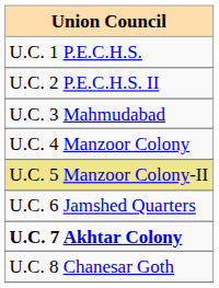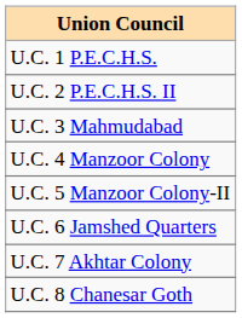 <table class="sortable wikitable" align="left" style="font-size:90%">
 <tr>
 <th style="background:#ffdead;"><strong>Union Council</strong></th>
 </tr>
 <tr>
 <td style="border-bottom:1px solid grey;">U.C. 1 <a href='#'>P.E.C.H.S.</a> </td>
 </tr>
 <tr>
 <td style="border-bottom:1px solid grey;">U.C. 2 <a href='#'>P.E.C.H.S. II</a></td>
 </tr>
 <tr>
 <td style="border-bottom:1px solid grey;">U.C. 3 <a href='#'>Mahmudabad</a></td>
 </tr>
 <tr>
 <td style="border-bottom:1px solid grey;">U.C. 4 <a href='#'>Manzoor Colony</a></td>
 </tr>
 <tr>
-<td style="background: khaki; border-bottom:1px solid grey;">U.C. 5 <a href='#'>Manzoor Colony</a>-II</td>
+<td style="border-bottom:1px solid grey;">U.C. 5 <a href='#'>Manzoor Colony</a>-II</td>
 </tr>
 <tr>
 <td style="border-bottom:1px solid grey;">U.C. 6 <a href='#'>Jamshed Quarters</a></td>
 </tr>
 <tr>
-<td style="border-bottom:1px solid grey;"><strong>U.C. 7 <a href='#'>Akhtar Colony</a></strong></td>
+<td style="border-bottom:1px solid grey;">U.C. 7 <a href='#'>Akhtar Colony</a></td>
 </tr>
 <tr>
 <td style="border-bottom:1px solid grey;">U.C. 8 <a href='#'>Chanesar Goth</a></td>
 </tr>
 </table>
